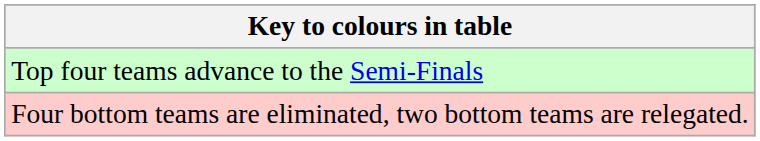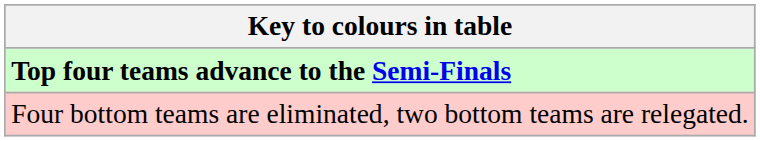 <table class="wikitable">
 <tr>
 <th>Key to colours in table</th>
 </tr>
 <tr bgcolor=#ccffcc>
-<td>Top four teams advance to the <a href='#'>Semi-Finals</a></td>
+<td><strong>Top four teams advance to the <a href='#'>Semi-Finals</a></strong></td>
 </tr>
 <tr bgcolor=#FFCCCC>
 <td>Four bottom teams are eliminated, two bottom teams are relegated.</td>
 </tr>
 </table>
